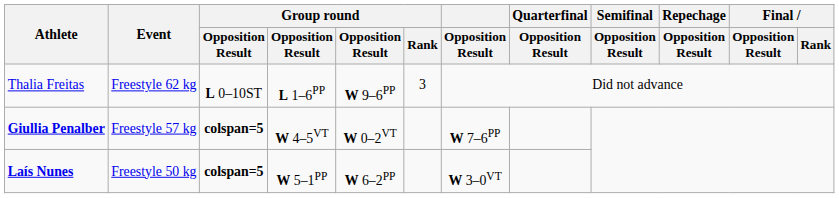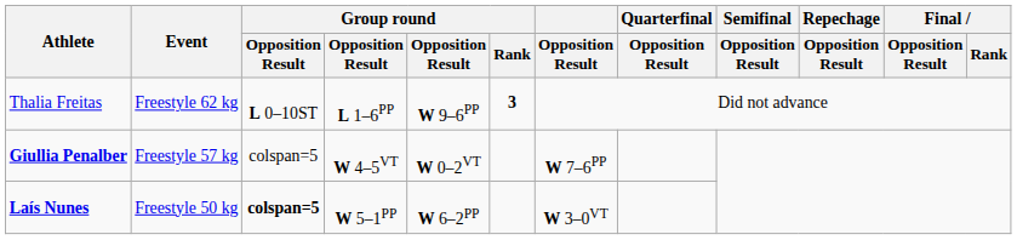 <table class=wikitable style=font-size:90%;text-align:center>
 <tr>
 <th rowspan=2>Athlete</th>
 <th rowspan=2>Event</th>
 <th colspan=4>Group round</th>
 <th></th>
 <th>Quarterfinal</th>
 <th>Semifinal</th>
 <th>Repechage</th>
 <th colspan=2>Final / </th>
 </tr>
 <tr style=font-size:95%>
 <th>Opposition<br>Result</th>
 <th>Opposition<br>Result</th>
 <th>Opposition<br>Result</th>
 <th>Rank</th>
 <th>Opposition<br>Result</th>
 <th>Opposition<br>Result</th>
 <th>Opposition<br>Result</th>
 <th>Opposition<br>Result</th>
 <th>Opposition<br>Result</th>
 <th>Rank</th>
 </tr>
 <tr>
 <td align=left><a href='#'>Thalia Freitas</a></td>
 <td align=left><a href='#'>Freestyle 62 kg</a></td>
 <td><br><strong>L</strong> 0–10ST</td>
 <td><br><strong>L</strong> 1–6<sup>PP</sup></td>
 <td><br><strong>W</strong> 9–6<sup>PP</sup></td>
-<td>3</td>
+<td><strong>3</strong></td>
 <td colspan=6>Did not advance</td>
 </tr>
 <tr>
 <td align=left><strong><a href='#'>Giullia Penalber</a></strong></td>
 <td align=left><a href='#'>Freestyle 57 kg</a></td>
-<td><strong>colspan=5 </strong></td>
+<td>colspan=5 </td>
 <td><br><strong>W</strong> 4–5<sup>VT</sup></td>
 <td><br><strong>W</strong> 0–2<sup>VT</sup></td>
 <td></td>
 <td><br><strong>W</strong> 7–6<sup>PP</sup></td>
 <td></td>
 </tr>
 <tr>
 <td align=left><strong><a href='#'>Laís Nunes</a></strong></td>
 <td align=left><a href='#'>Freestyle 50 kg</a></td>
 <td><strong>colspan=5 </strong></td>
 <td><br><strong>W</strong> 5–1<sup>PP</sup></td>
 <td><br><strong>W</strong> 6–2<sup>PP</sup></td>
 <td></td>
 <td><br><strong>W</strong> 3–0<sup>VT</sup></td>
 <td></td>
 </tr>
 </table>
